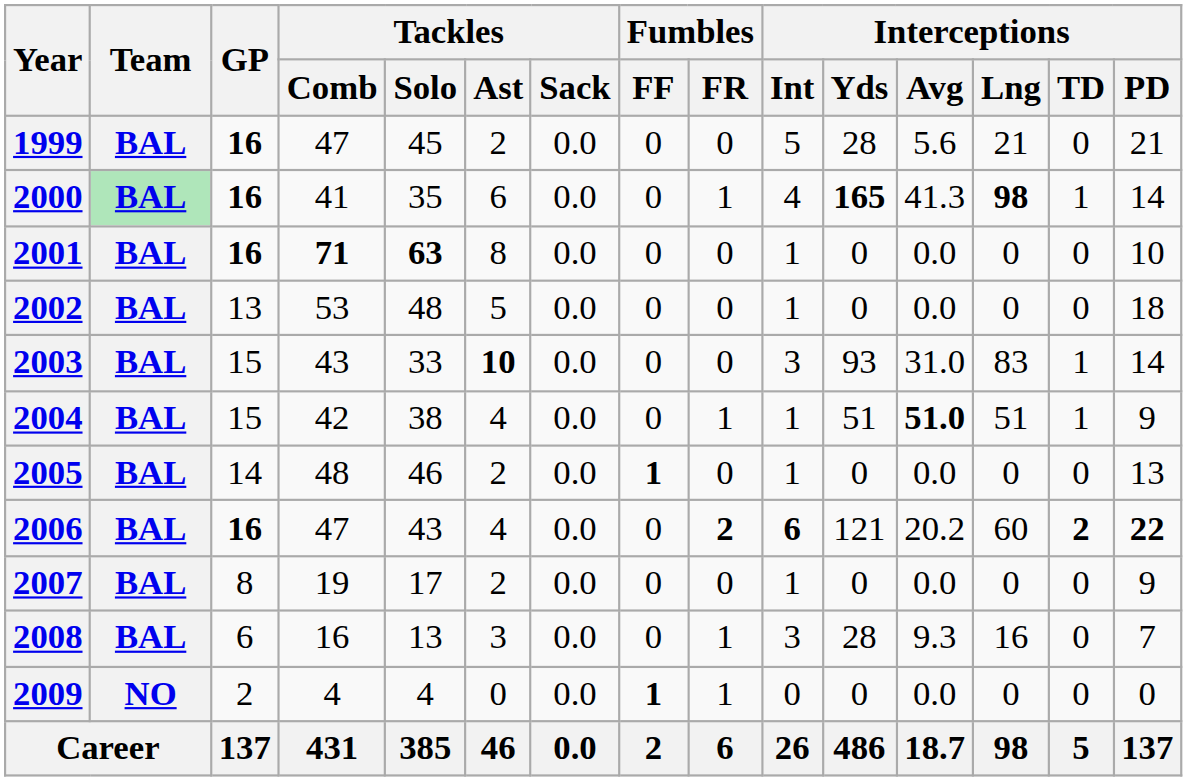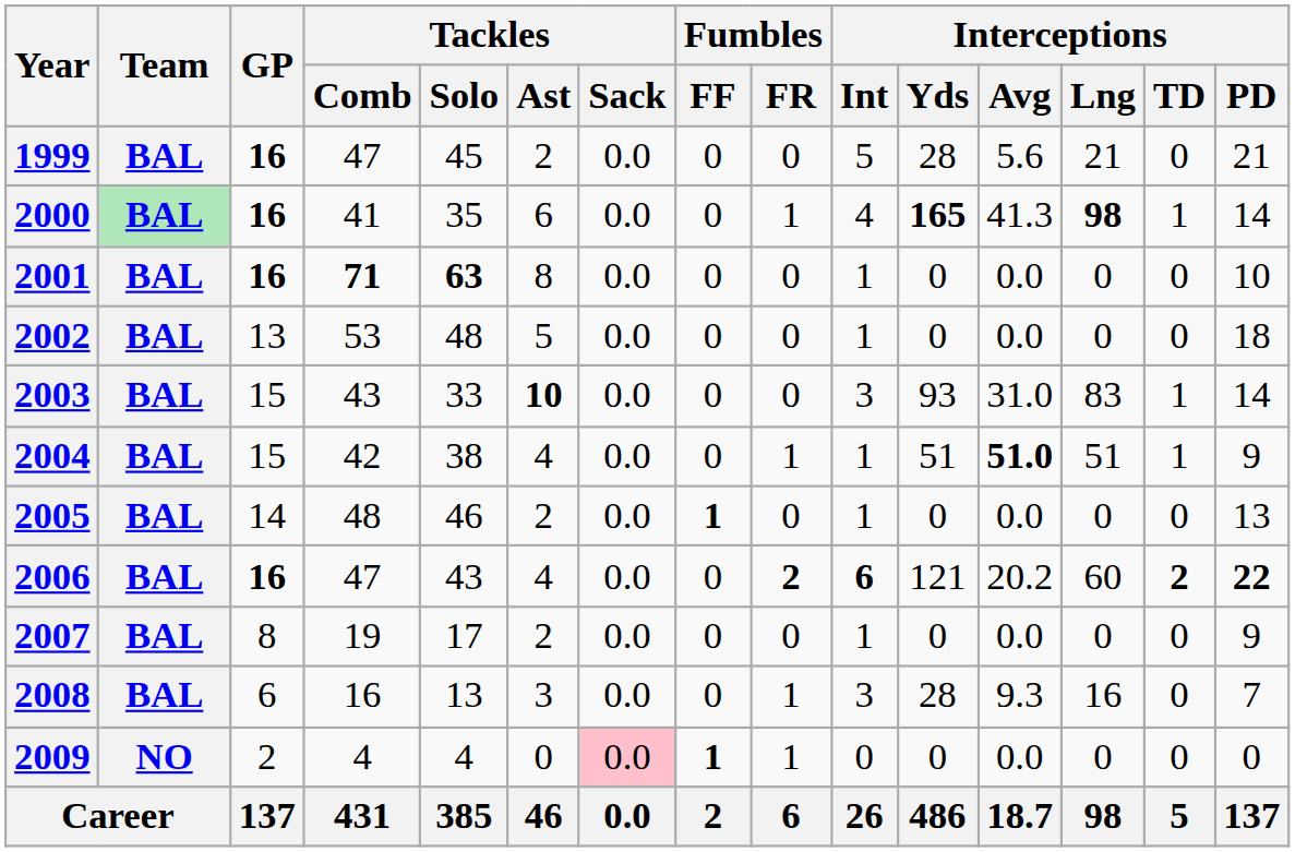 <table class="wikitable" style="text-align:center">
 <tr>
 <th rowspan="2">Year</th>
 <th rowspan="2">Team</th>
 <th rowspan="2">GP</th>
 <th colspan="4">Tackles</th>
 <th colspan="2">Fumbles</th>
 <th colspan="6">Interceptions</th>
 </tr>
 <tr>
 <th>Comb</th>
 <th>Solo</th>
 <th>Ast</th>
 <th>Sack</th>
 <th>FF</th>
 <th>FR</th>
 <th>Int</th>
 <th>Yds</th>
 <th>Avg</th>
 <th>Lng</th>
 <th>TD</th>
 <th>PD</th>
 </tr>
 <tr>
 <th><a href='#'>1999</a></th>
 <th><a href='#'>BAL</a></th>
 <td><strong>16</strong></td>
 <td>47</td>
 <td>45</td>
 <td>2</td>
 <td>0.0</td>
 <td>0</td>
 <td>0</td>
 <td>5</td>
 <td>28</td>
 <td>5.6</td>
 <td>21</td>
 <td>0</td>
 <td>21</td>
 </tr>
 <tr>
 <th><a href='#'>2000</a></th>
 <th style="background:#afe6ba; width:3em;"><a href='#'>BAL</a></th>
 <td><strong>16</strong></td>
 <td>41</td>
 <td>35</td>
 <td>6</td>
 <td>0.0</td>
 <td>0</td>
 <td>1</td>
 <td>4</td>
 <td><strong>165</strong></td>
 <td>41.3</td>
 <td><strong>98</strong></td>
 <td>1</td>
 <td>14</td>
 </tr>
 <tr>
 <th><a href='#'>2001</a></th>
 <th><a href='#'>BAL</a></th>
 <td><strong>16</strong></td>
 <td><strong>71</strong></td>
 <td><strong>63</strong></td>
 <td>8</td>
 <td>0.0</td>
 <td>0</td>
 <td>0</td>
 <td>1</td>
 <td>0</td>
 <td>0.0</td>
 <td>0</td>
 <td>0</td>
 <td>10</td>
 </tr>
 <tr>
 <th><a href='#'>2002</a></th>
 <th><a href='#'>BAL</a></th>
 <td>13</td>
 <td>53</td>
 <td>48</td>
 <td>5</td>
 <td>0.0</td>
 <td>0</td>
 <td>0</td>
 <td>1</td>
 <td>0</td>
 <td>0.0</td>
 <td>0</td>
 <td>0</td>
 <td>18</td>
 </tr>
 <tr>
 <th><a href='#'>2003</a></th>
 <th><a href='#'>BAL</a></th>
 <td>15</td>
 <td>43</td>
 <td>33</td>
 <td><strong>10</strong></td>
 <td>0.0</td>
 <td>0</td>
 <td>0</td>
 <td>3</td>
 <td>93</td>
 <td>31.0</td>
 <td>83</td>
 <td>1</td>
 <td>14</td>
 </tr>
 <tr>
 <th><a href='#'>2004</a></th>
 <th><a href='#'>BAL</a></th>
 <td>15</td>
 <td>42</td>
 <td>38</td>
 <td>4</td>
 <td>0.0</td>
 <td>0</td>
 <td>1</td>
 <td>1</td>
 <td>51</td>
 <td><strong>51.0</strong></td>
 <td>51</td>
 <td>1</td>
 <td>9</td>
 </tr>
 <tr>
 <th><a href='#'>2005</a></th>
 <th><a href='#'>BAL</a></th>
 <td>14</td>
 <td>48</td>
 <td>46</td>
 <td>2</td>
 <td>0.0</td>
 <td><strong>1</strong></td>
 <td>0</td>
 <td>1</td>
 <td>0</td>
 <td>0.0</td>
 <td>0</td>
 <td>0</td>
 <td>13</td>
 </tr>
 <tr>
 <th><a href='#'>2006</a></th>
 <th><a href='#'>BAL</a></th>
 <td><strong>16</strong></td>
 <td>47</td>
 <td>43</td>
 <td>4</td>
 <td>0.0</td>
 <td>0</td>
 <td><strong>2</strong></td>
 <td><strong>6</strong></td>
 <td>121</td>
 <td>20.2</td>
 <td>60</td>
 <td><strong>2</strong></td>
 <td><strong>22</strong></td>
 </tr>
 <tr>
 <th><a href='#'>2007</a></th>
 <th><a href='#'>BAL</a></th>
 <td>8</td>
 <td>19</td>
 <td>17</td>
 <td>2</td>
 <td>0.0</td>
 <td>0</td>
 <td>0</td>
 <td>1</td>
 <td>0</td>
 <td>0.0</td>
 <td>0</td>
 <td>0</td>
 <td>9</td>
 </tr>
 <tr>
 <th><a href='#'>2008</a></th>
 <th><a href='#'>BAL</a></th>
 <td>6</td>
 <td>16</td>
 <td>13</td>
 <td>3</td>
 <td>0.0</td>
 <td>0</td>
 <td>1</td>
 <td>3</td>
 <td>28</td>
 <td>9.3</td>
 <td>16</td>
 <td>0</td>
 <td>7</td>
 </tr>
 <tr>
 <th><a href='#'>2009</a></th>
 <th><a href='#'>NO</a></th>
 <td>2</td>
 <td>4</td>
 <td>4</td>
 <td>0</td>
-<td>0.0</td>
+<td style="background: pink;">0.0</td>
 <td><strong>1</strong></td>
 <td>1</td>
 <td>0</td>
 <td>0</td>
 <td>0.0</td>
 <td>0</td>
 <td>0</td>
 <td>0</td>
 </tr>
 <tr>
 <th colspan="2">Career</th>
 <th>137</th>
 <th>431</th>
 <th>385</th>
 <th>46</th>
 <th>0.0</th>
 <th>2</th>
 <th>6</th>
 <th>26</th>
 <th>486</th>
 <th>18.7</th>
 <th>98</th>
 <th>5</th>
 <th>137</th>
 </tr>
 </table>
